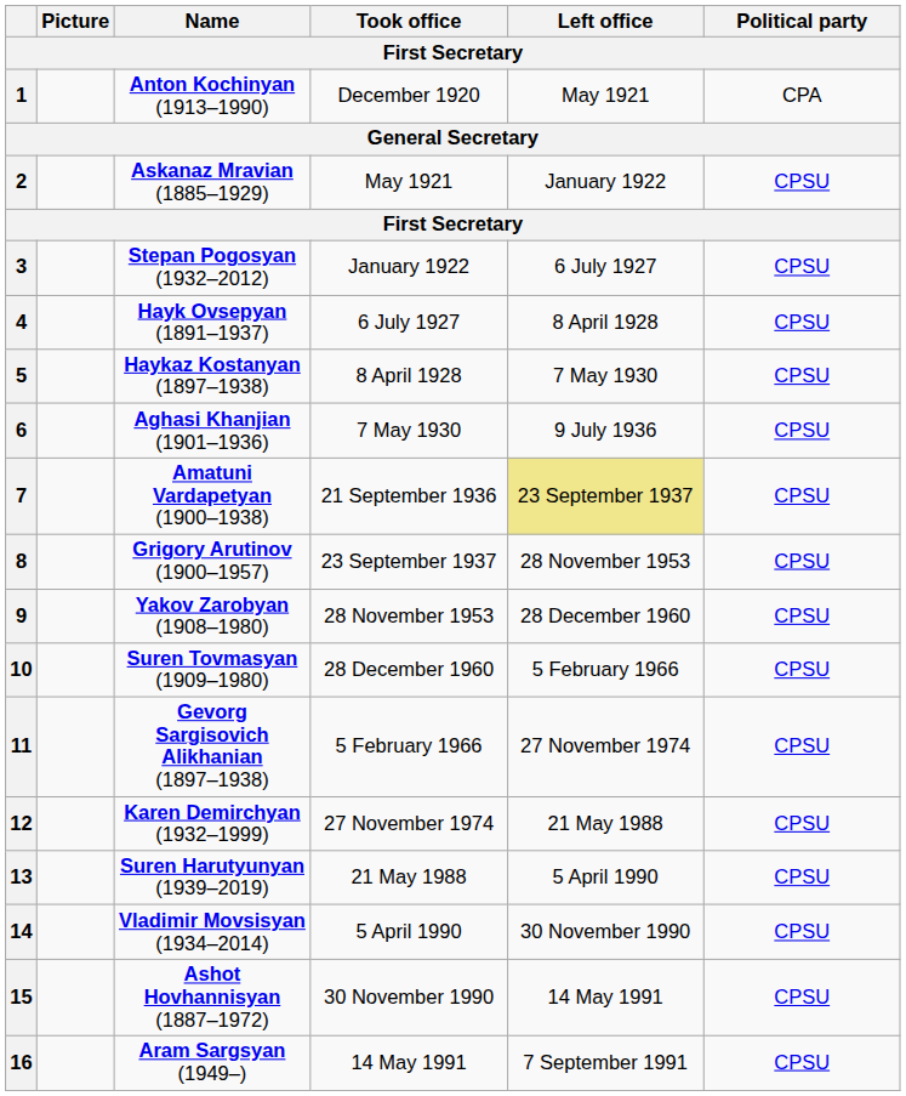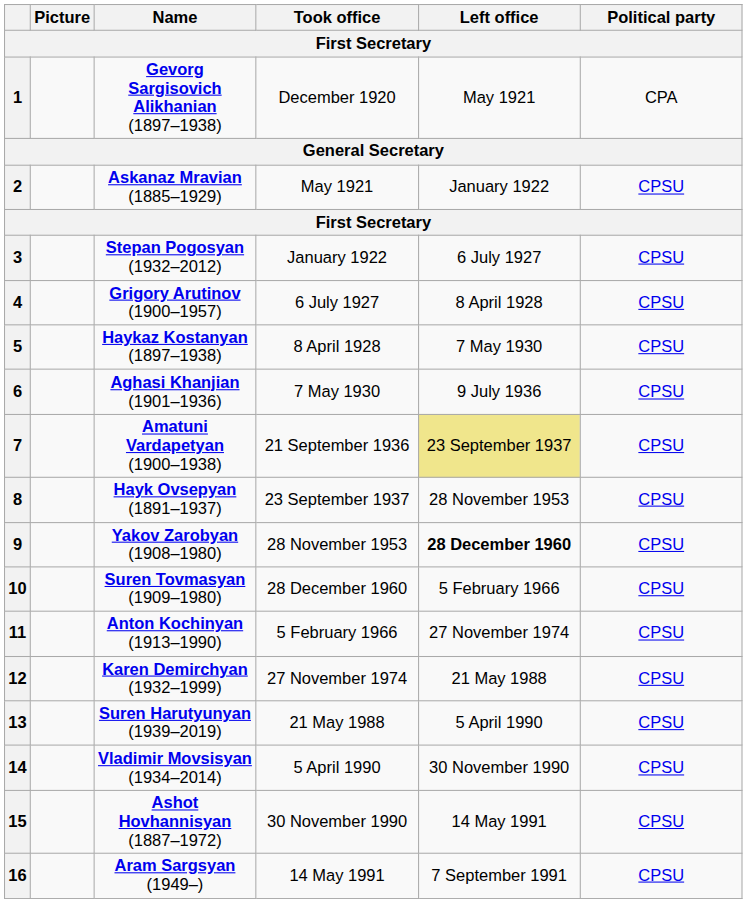 <table class="wikitable" style="text-align:center">
 <tr>
 <th></th>
 <th>Picture</th>
 <th width="150">Name<br></th>
 <th width="150">Took office</th>
 <th width="150">Left office</th>
 <th width="150">Political party</th>
 </tr>
 <tr>
 <th colspan="6" align="center">First Secretary</th>
 </tr>
 <tr>
 <th style="background:">1</th>
 <td></td>
-<td><strong><a href='#'>Anton Kochinyan</a></strong><br>(1913–1990)</td>
+<td><strong><a href='#'>Gevorg Sargisovich Alikhanian</a></strong><br>(1897–1938)</td>
 <td>December 1920</td>
 <td>May 1921</td>
 <td>CPA</td>
 </tr>
 <tr>
 <th colspan="6"><strong>General Secretary</strong></th>
 </tr>
 <tr>
 <th style="background:">2</th>
 <td></td>
 <td><a href='#'><strong>Askanaz Mravian</strong></a><br>(1885–1929)</td>
 <td>May 1921</td>
 <td>January 1922</td>
 <td><a href='#'>CPSU</a></td>
 </tr>
 <tr>
 <th colspan="6"><strong>First Secretary</strong></th>
 </tr>
 <tr>
 <th style="background:">3</th>
 <td></td>
 <td><strong><a href='#'>Stepan Pogosyan</a></strong><br>(1932–2012)</td>
 <td>January 1922</td>
 <td>6 July 1927</td>
 <td><a href='#'>CPSU</a></td>
 </tr>
 <tr>
 <th style="background:">4</th>
 <td></td>
-<td><strong><a href='#'>Hayk Ovsepyan</a></strong><br>(1891–1937)</td>
+<td><strong><a href='#'>Grigory Arutinov</a></strong><br>(1900–1957)</td>
 <td>6 July 1927</td>
 <td>8 April 1928</td>
 <td><a href='#'>CPSU</a></td>
 </tr>
 <tr>
 <th style="background:">5</th>
 <td></td>
 <td><strong><a href='#'>Haykaz Kostanyan</a></strong><br>(1897–1938)</td>
 <td>8 April 1928</td>
 <td>7 May 1930</td>
 <td><a href='#'>CPSU</a></td>
 </tr>
 <tr>
 <th style="background:">6</th>
 <td></td>
 <td><strong><a href='#'>Aghasi Khanjian</a></strong><br>(1901–1936)</td>
 <td>7 May 1930</td>
 <td>9 July 1936</td>
 <td><a href='#'>CPSU</a></td>
 </tr>
 <tr>
 <th style="background:">7</th>
 <td></td>
 <td><strong><a href='#'>Amatuni Vardapetyan</a></strong><br>(1900–1938)</td>
 <td>21 September 1936</td>
 <td style="background: khaki;">23 September 1937</td>
 <td><a href='#'>CPSU</a></td>
 </tr>
 <tr>
 <th style="background:">8</th>
 <td></td>
-<td><strong><a href='#'>Grigory Arutinov</a></strong><br>(1900–1957)</td>
+<td><strong><a href='#'>Hayk Ovsepyan</a></strong><br>(1891–1937)</td>
 <td>23 September 1937</td>
 <td>28 November 1953</td>
 <td><a href='#'>CPSU</a></td>
 </tr>
 <tr>
 <th style="background:">9</th>
 <td></td>
 <td><strong><a href='#'>Yakov Zarobyan</a></strong><br>(1908–1980)</td>
 <td>28 November 1953</td>
-<td>28 December 1960</td>
+<td><strong>28 December 1960</strong></td>
 <td><a href='#'>CPSU</a></td>
 </tr>
 <tr>
 <th style="background:">10</th>
 <td></td>
 <td><strong><a href='#'>Suren Tovmasyan</a></strong><br>(1909–1980)</td>
 <td>28 December 1960</td>
 <td>5 February 1966</td>
 <td><a href='#'>CPSU</a></td>
 </tr>
 <tr>
 <th style="background:">11</th>
 <td></td>
-<td><strong><a href='#'>Gevorg Sargisovich Alikhanian</a></strong><br>(1897–1938)</td>
+<td><strong><a href='#'>Anton Kochinyan</a></strong><br>(1913–1990)</td>
 <td>5 February 1966</td>
 <td>27 November 1974</td>
 <td><a href='#'>CPSU</a></td>
 </tr>
 <tr>
 <th style="background:">12</th>
 <td></td>
 <td><strong><a href='#'>Karen Demirchyan</a></strong><br>(1932–1999)</td>
 <td>27 November 1974</td>
 <td>21 May 1988</td>
 <td><a href='#'>CPSU</a></td>
 </tr>
 <tr>
 <th style="background:">13</th>
 <td></td>
 <td><strong><a href='#'>Suren Harutyunyan</a></strong><br>(1939–2019)</td>
 <td>21 May 1988</td>
 <td>5 April 1990</td>
 <td><a href='#'>CPSU</a></td>
 </tr>
 <tr>
 <th style="background:">14</th>
 <td></td>
 <td><strong><a href='#'>Vladimir Movsisyan</a></strong><br>(1934–2014)</td>
 <td>5 April 1990</td>
 <td>30 November 1990</td>
 <td><a href='#'>CPSU</a></td>
 </tr>
 <tr>
 <th style="background:">15</th>
 <td></td>
 <td><strong><a href='#'>Ashot Hovhannisyan</a></strong><br>(1887–1972)</td>
 <td>30 November 1990</td>
 <td>14 May 1991</td>
 <td><a href='#'>CPSU</a></td>
 </tr>
 <tr>
 <th style="background:">16</th>
 <td></td>
 <td><strong><a href='#'>Aram Sargsyan</a></strong><br>(1949–)</td>
 <td>14 May 1991</td>
 <td>7 September 1991</td>
 <td><a href='#'>CPSU</a></td>
 </tr>
 </table>
